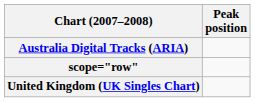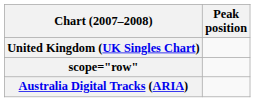 <table class="wikitable sortable plainrowheaders">
 <tr>
 <th>Chart (2007–2008)</th>
 <th>Peak<br>position</th>
 </tr>
 <tr>
-<th scope="row"><a href='#'>Australia Digital Tracks</a> (<a href='#'>ARIA</a>)</th>
+<th scope="row">United Kingdom (<a href='#'>UK Singles Chart</a>)</th>
 <td></td>
 </tr>
 <tr>
 <th>scope="row" </th>
 </tr>
 <tr>
-<th scope="row">United Kingdom (<a href='#'>UK Singles Chart</a>)</th>
+<th scope="row"><a href='#'>Australia Digital Tracks</a> (<a href='#'>ARIA</a>)</th>
 <td></td>
 </tr>
 </table>
